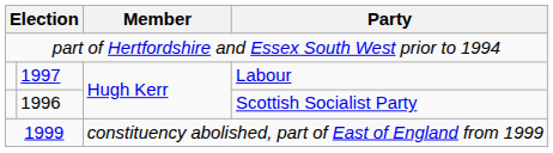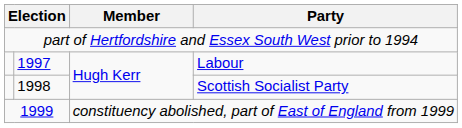 <table class="wikitable">
 <tr>
 <th colspan="2">Election</th>
 <th>Member</th>
 <th>Party</th>
 </tr>
 <tr>
 <td colspan="4" align="center"><em>part of <a href='#'>Hertfordshire</a> and <a href='#'>Essex South West</a> prior to 1994</em></td>
 </tr>
 <tr>
 <td style="background-color: "></td>
 <td><a href='#'>1997</a></td>
 <td rowspan="2"><a href='#'>Hugh Kerr</a></td>
 <td><a href='#'>Labour</a></td>
 </tr>
 <tr>
 <td style="background-color: "></td>
-<td>1996</td>
+<td>1998</td>
 <td><a href='#'>Scottish Socialist Party</a></td>
 </tr>
 <tr>
 <td colspan="2" align="center"><a href='#'>1999</a></td>
 <td colspan="2"><em>constituency abolished, part of <a href='#'>East of England</a> from 1999</em></td>
 </tr>
 </table>
